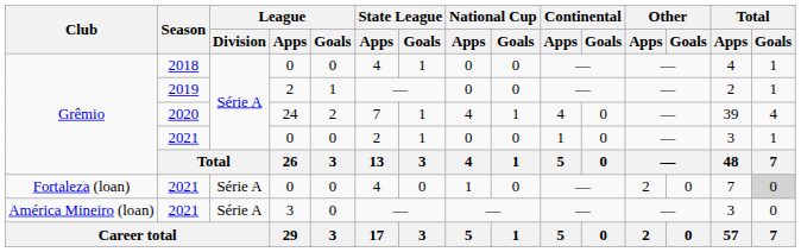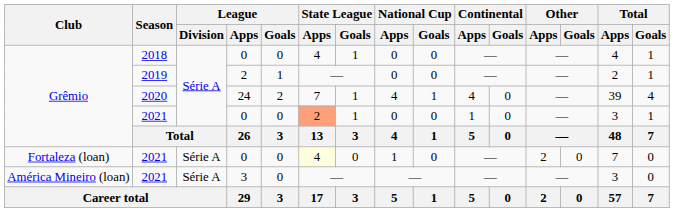 <table class="wikitable" style="text-align: center;">
 <tr>
 <th rowspan="2">Club</th>
 <th rowspan="2">Season</th>
 <th colspan="3">League</th>
 <th colspan="2">State League</th>
 <th colspan="2">National Cup</th>
 <th colspan="2">Continental</th>
 <th colspan="2">Other</th>
 <th colspan="2">Total</th>
 </tr>
 <tr>
 <th>Division</th>
 <th>Apps</th>
 <th>Goals</th>
 <th>Apps</th>
 <th>Goals</th>
 <th>Apps</th>
 <th>Goals</th>
 <th>Apps</th>
 <th>Goals</th>
 <th>Apps</th>
 <th>Goals</th>
 <th>Apps</th>
 <th>Goals</th>
 </tr>
 <tr>
 <td rowspan=5><a href='#'>Grêmio</a></td>
 <td><a href='#'>2018</a></td>
 <td rowspan=4><a href='#'>Série A</a></td>
 <td>0</td>
 <td>0</td>
 <td>4</td>
 <td>1</td>
 <td>0</td>
 <td>0</td>
 <td colspan="2">—</td>
 <td colspan="2">—</td>
 <td>4</td>
 <td>1</td>
 </tr>
 <tr>
 <td><a href='#'>2019</a></td>
 <td>2</td>
 <td>1</td>
 <td colspan="2">—</td>
 <td>0</td>
 <td>0</td>
 <td colspan="2">—</td>
 <td colspan="2">—</td>
 <td>2</td>
 <td>1</td>
 </tr>
 <tr>
 <td><a href='#'>2020</a></td>
 <td>24</td>
 <td>2</td>
 <td>7</td>
 <td>1</td>
 <td>4</td>
 <td>1</td>
 <td>4</td>
 <td>0</td>
 <td colspan="2">—</td>
 <td>39</td>
 <td>4</td>
 </tr>
 <tr>
 <td><a href='#'>2021</a></td>
 <td>0</td>
 <td>0</td>
-<td>2</td>
+<td style="background: lightsalmon;">2</td>
 <td>1</td>
 <td>0</td>
 <td>0</td>
 <td>1</td>
 <td>0</td>
 <td colspan="2">—</td>
 <td>3</td>
 <td>1</td>
 </tr>
 <tr>
 <th colspan=2>Total</th>
 <th>26</th>
 <th>3</th>
 <th>13</th>
 <th>3</th>
 <th>4</th>
 <th>1</th>
 <th>5</th>
 <th>0</th>
 <th colspan="2">—</th>
 <th>48</th>
 <th>7</th>
 </tr>
 <tr>
 <td><a href='#'>Fortaleza</a> (loan)</td>
 <td><a href='#'>2021</a></td>
 <td>Série A</td>
 <td>0</td>
 <td>0</td>
-<td>4</td>
+<td style="background: lightyellow;">4</td>
 <td>0</td>
 <td>1</td>
 <td>0</td>
 <td colspan="2">—</td>
 <td>2</td>
 <td>0</td>
 <td>7</td>
-<td style="background: lightgrey;">0</td>
+<td>0</td>
 </tr>
 <tr>
 <td><a href='#'>América Mineiro</a> (loan)</td>
 <td><a href='#'>2021</a></td>
 <td>Série A</td>
 <td>3</td>
 <td>0</td>
 <td colspan="2">—</td>
 <td colspan="2">—</td>
 <td colspan="2">—</td>
 <td colspan="2">—</td>
 <td>3</td>
 <td>0</td>
 </tr>
 <tr>
 <th colspan="3"><strong>Career total</strong></th>
 <th>29</th>
 <th>3</th>
 <th>17</th>
 <th>3</th>
 <th>5</th>
 <th>1</th>
 <th>5</th>
 <th>0</th>
 <th>2</th>
 <th>0</th>
 <th>57</th>
 <th>7</th>
 </tr>
 </table>
